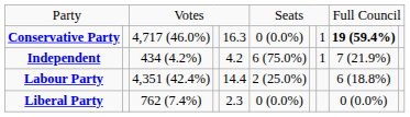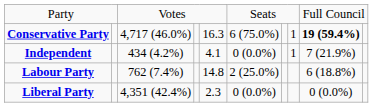 <table class=wikitable style="text-align:center;">
 <tr>
 <td colspan=2>Party</td>
 <td colspan=3>Votes</td>
 <td colspan=3>Seats</td>
 <td colspan=3>Full Council</td>
 </tr>
 <tr>
 <td><strong><a href='#'>Conservative Party</a></strong></td>
 <td style="background:"></td>
 <td>4,717 (46.0%)</td>
 <td></td>
 <td> 16.3</td>
-<td>0 (0.0%)</td>
+<td>6 (75.0%)</td>
 <td></td>
 <td> 1</td>
 <td><strong>19 (59.4%)</strong></td>
 <td></td>
 </tr>
 <tr>
 <td><strong><a href='#'>Independent</a></strong></td>
 <td style="background:"></td>
 <td>434 (4.2%)</td>
 <td></td>
-<td> 4.2</td>
-<td>6 (75.0%)</td>
+<td> 4.1</td>
+<td>0 (0.0%)</td>
 <td></td>
 <td> 1</td>
 <td>7  (21.9%)</td>
 <td></td>
 </tr>
 <tr>
 <td><strong><a href='#'>Labour Party</a></strong></td>
 <td style="background:"></td>
-<td>4,351 (42.4%)</td>
+<td>762 (7.4%)</td>
 <td></td>
-<td> 14.4</td>
+<td> 14.8</td>
 <td>2 (25.0%)</td>
 <td></td>
 <td></td>
 <td>6 (18.8%)</td>
 <td></td>
 </tr>
 <tr>
 <td><strong><a href='#'>Liberal Party</a></strong></td>
 <td style="background:"></td>
-<td>762 (7.4%)</td>
+<td>4,351 (42.4%)</td>
 <td></td>
 <td> 2.3</td>
 <td>0  (0.0%)</td>
 <td></td>
 <td></td>
 <td>0 (0.0%)</td>
 <td></td>
 </tr>
 </table>
